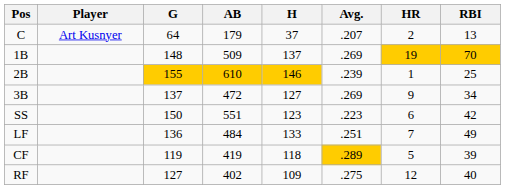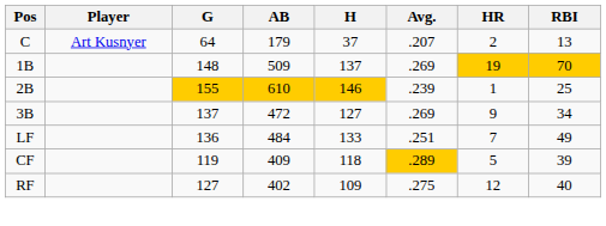 <table class="wikitable sortable">
 <tr>
 <th bgcolor="#DDDDFF" width="5%">Pos</th>
 <th bgcolor="#DDDDFF" width="16%">Player</th>
 <th bgcolor="#DDDDFF" width="9%">G</th>
 <th bgcolor="#DDDDFF" width="9%">AB</th>
 <th bgcolor="#DDDDFF" width="9%">H</th>
 <th bgcolor="#DDDDFF" width="9%">Avg.</th>
 <th bgcolor="#DDDDFF" width="9%">HR</th>
 <th bgcolor="#DDDDFF" width="9%">RBI</th>
 </tr>
 <tr align="center">
 <td>C</td>
 <td><a href='#'>Art Kusnyer</a></td>
 <td>64</td>
 <td>179</td>
 <td>37</td>
 <td>.207</td>
 <td>2</td>
 <td>13</td>
 </tr>
 <tr align=center>
 <td>1B</td>
 <td></td>
 <td>148</td>
 <td>509</td>
 <td>137</td>
 <td>.269</td>
 <td style="background:#fc0;">19</td>
 <td style="background:#fc0;">70</td>
 </tr>
 <tr align="center">
 <td>2B</td>
 <td></td>
 <td style="background:#fc0;">155</td>
 <td style="background:#fc0;">610</td>
 <td style="background:#fc0;">146</td>
 <td>.239</td>
 <td>1</td>
 <td>25</td>
 </tr>
 <tr align="center">
 <td>3B</td>
 <td></td>
 <td>137</td>
 <td>472</td>
 <td>127</td>
 <td>.269</td>
 <td>9</td>
 <td>34</td>
 </tr>
 <tr align="center">
-<td>SS</td>
-<td></td>
-<td>150</td>
-<td>551</td>
-<td>123</td>
-<td>.223</td>
-<td>6</td>
-<td>42</td>
-</tr>
-<tr align="center">
 <td>LF</td>
 <td></td>
 <td>136</td>
 <td>484</td>
 <td>133</td>
 <td>.251</td>
 <td>7</td>
 <td>49</td>
 </tr>
 <tr align="center">
 <td>CF</td>
 <td></td>
 <td>119</td>
-<td>419</td>
+<td>409</td>
 <td>118</td>
 <td style="background:#fc0;">.289</td>
 <td>5</td>
 <td>39</td>
 </tr>
 <tr align="center">
 <td>RF</td>
 <td></td>
 <td>127</td>
 <td>402</td>
 <td>109</td>
 <td>.275</td>
 <td>12</td>
 <td>40</td>
 </tr>
 </table>
